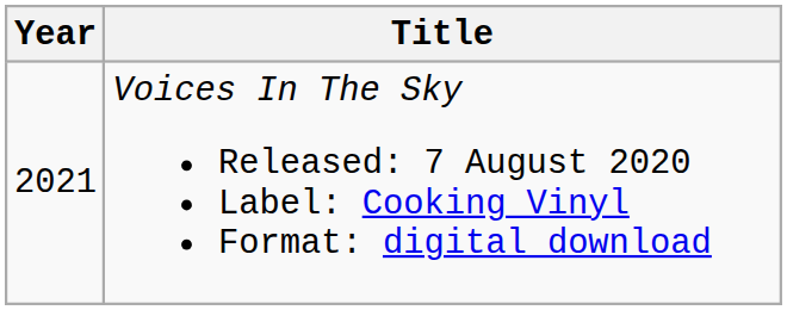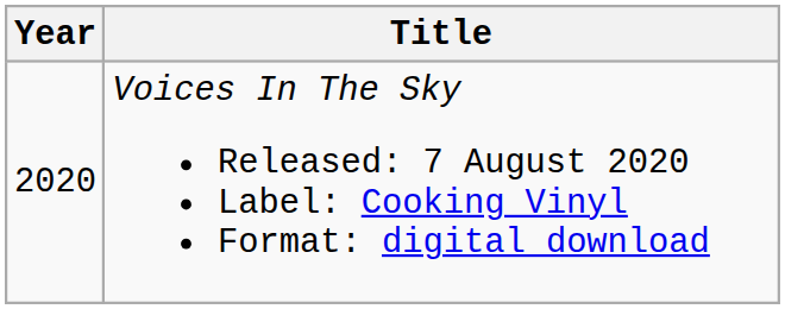 <table class="wikitable">
 <tr>
 <th>Year</th>
 <th style="width:250px;">Title</th>
 </tr>
 <tr>
-<td>2021</td>
+<td>2020</td>
 <td><em>Voices In The Sky</em><br><ul><li>Released: 7 August 2020</li><li>Label: <a href='#'>Cooking Vinyl</a></li><li>Format: <a href='#'>digital download</a></li></ul></td>
 </tr>
 </table>
